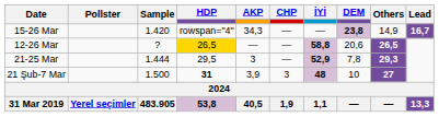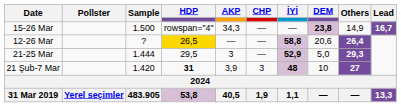 <table class="wikitable mw-collapsible" style="text-align:center; font-size:85%; line-height:14px;">
 <tr>
 <th rowspan="2">Date</th>
 <th rowspan="2">Pollster</th>
 <th rowspan="2">Sample</th>
 <th style="width:3em;"><a href='#'>HDP</a></th>
 <th style="width:3em;"><a href='#'>AKP</a></th>
 <th style="width:3em;"><a href='#'>CHP</a></th>
 <th style="width:3em;"><a href='#'>İYİ</a></th>
 <th style="width:3em;"><a href='#'>DEM</a></th>
 <th rowspan="2">Others</th>
 <th rowspan="2">Lead</th>
 </tr>
 <tr>
 <th style="background:#734B9C;"></th>
 <th style="background:#fda000;"></th>
 <th style="background:#d40000;"></th>
 <th style="background:#0099cc;"></th>
 <th style="background:#734B9C;"></th>
 </tr>
 <tr>
 <td>15-26 Mar</td>
 <td></td>
-<td>1.420</td>
+<td>1.500</td>
 <td>rowspan="4" </td>
 <td>34,3</td>
 <td>—</td>
 <td>—</td>
 <td style="background:#D8BFD8;"><strong>23,8</strong></td>
 <td>14,9</td>
 <th style="background:#734B9C; color:white;">16,7</th>
 </tr>
 <tr>
 <td>12-26 Mar</td>
 <td></td>
 <td>?</td>
 <td style="background: gold;">26,5</td>
 <td>—</td>
 <td>—</td>
 <td style="background:#D8BFD8;"><strong>58,8</strong></td>
 <td>20,6</td>
-<th style="background:#734B9C; color:white;">26,5</th>
+<th style="background:#734B9C; color:white;">26,4</th>
 </tr>
 <tr>
 <td>21-25 Mar</td>
 <td></td>
 <td>1.444</td>
 <td>29,5</td>
 <td>3</td>
 <td>—</td>
 <td style="background:#D8BFD8;"><strong>52,9</strong></td>
-<td>7,8</td>
+<td>5,0</td>
 <th style="background:#734B9C; color:white;">29,3</th>
 </tr>
 <tr>
 <td>21 Şub-7 Mar</td>
 <td></td>
-<td>1.500</td>
+<td>1.420</td>
 <td><strong>31</strong></td>
 <td>3,9</td>
 <td>3</td>
 <td style="background:#D8BFD8;"><strong>48</strong></td>
 <td>10</td>
 <th style="background:#734B9C; color:white;">27</th>
 </tr>
 <tr>
 <th colspan="10">2024</th>
 </tr>
 <tr>
 <th>31 Mar 2019</th>
 <th><a href='#'>Yerel seçimler</a></th>
 <th>483.905</th>
 <th style="background:#D8BFD8">53,8</th>
 <th>40,5</th>
 <th>1,9</th>
 <th>1,1</th>
 <th>—</th>
 <th>—</th>
 <th style="background:#734B9C; color:white;">13,3</th>
 </tr>
 </table>
